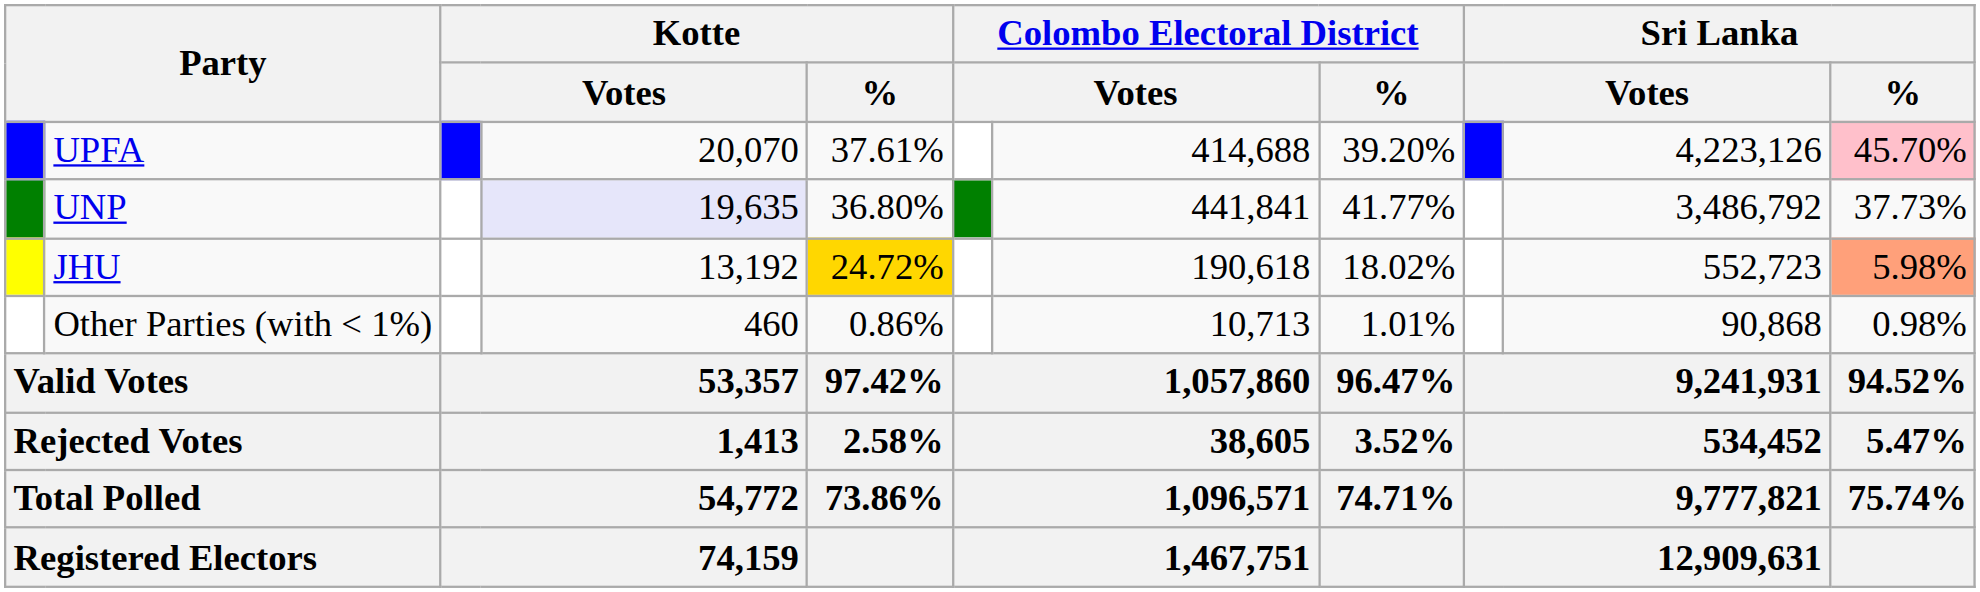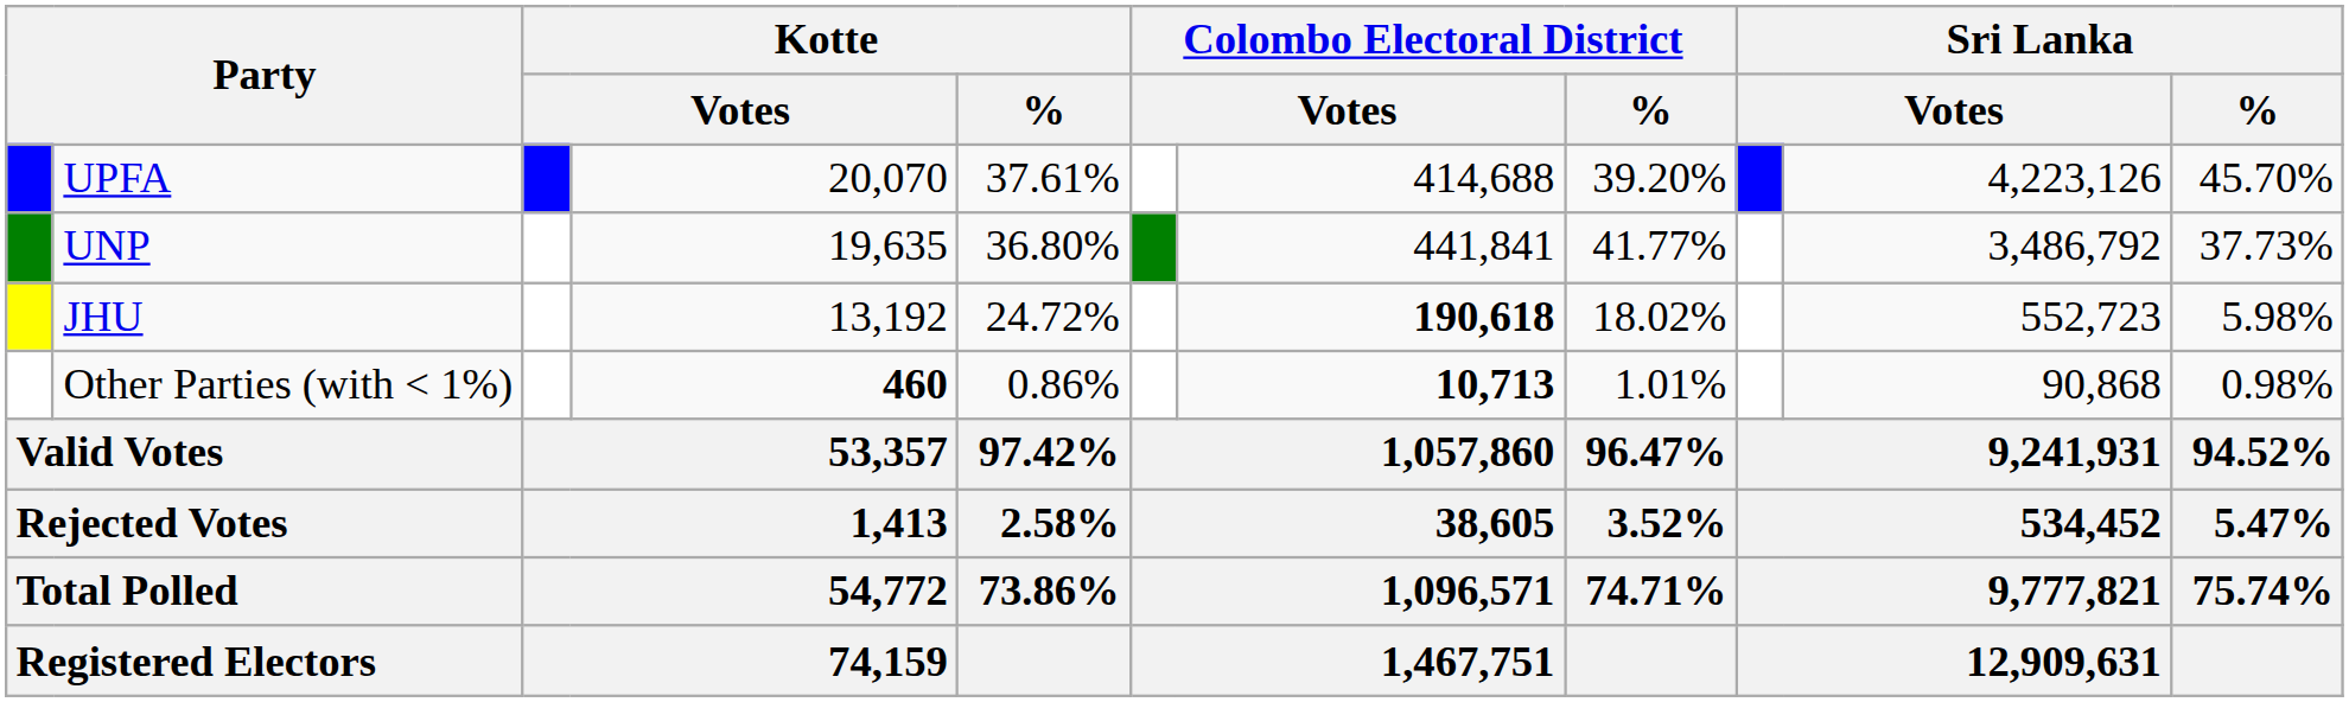 <table class="wikitable">
 <tr>
 <th colspan="2" width="144px"rowspan="2">Party</th>
 <th colspan="3" width="216px">Kotte</th>
 <th colspan="3" width="216px"><a href='#'>Colombo Electoral District</a></th>
 <th colspan="3" width="216px">Sri Lanka</th>
 </tr>
 <tr>
 <th colspan="2" width="144px">Votes</th>
 <th>%</th>
 <th colspan="2" width="144px">Votes</th>
 <th>%</th>
 <th colspan="2" width="144px">Votes</th>
 <th>%</th>
 </tr>
 <tr>
 <td style="background-color:blue;" width="10px"></td>
 <td style="text-align:left;"><a href='#'>UPFA</a></td>
 <td style="background-color:blue;" width="10px"></td>
 <td style="text-align:right;">20,070</td>
 <td style="text-align:right;">37.61%</td>
 <td style="background-color:white;" width="10px"></td>
 <td style="text-align:right;">414,688</td>
 <td style="text-align:right;">39.20%</td>
 <td style="background-color:blue;" width="10px"></td>
 <td style="text-align:right;">4,223,126</td>
-<td style="background: pink; text-align:right;">45.70%</td>
+<td style="text-align:right;">45.70%</td>
 </tr>
 <tr>
 <td style="background-color:green;" width="10px"></td>
 <td style="text-align:left;"><a href='#'>UNP</a></td>
 <td style="background-color:white;" width="10px"></td>
-<td style="background: lavender; text-align:right;">19,635</td>
+<td style="text-align:right;">19,635</td>
 <td style="text-align:right;">36.80%</td>
 <td style="background-color:green;" width="10px"></td>
 <td style="text-align:right;">441,841</td>
 <td style="text-align:right;">41.77%</td>
 <td style="background-color:white;" width="10px"></td>
 <td style="text-align:right;">3,486,792</td>
 <td style="text-align:right;">37.73%</td>
 </tr>
 <tr>
 <td style="background-color:yellow;" width="10px"></td>
 <td style="text-align:left;"><a href='#'>JHU</a></td>
 <td style="background-color:white;" width="10px"></td>
 <td style="text-align:right;">13,192</td>
-<td style="background: gold; text-align:right;">24.72%</td>
+<td style="text-align:right;">24.72%</td>
 <td style="background-color:white;" width="10px"></td>
-<td style="text-align:right;">190,618</td>
+<td style="text-align:right;"><strong>190,618</strong></td>
 <td style="text-align:right;">18.02%</td>
 <td style="background-color:white;" width="10px"></td>
 <td style="text-align:right;">552,723</td>
-<td style="background: lightsalmon; text-align:right;">5.98%</td>
+<td style="text-align:right;">5.98%</td>
 </tr>
 <tr>
 <td style="background-color:white;" width="10px"></td>
 <td style="text-align:left;">Other Parties (with < 1%)</td>
 <td style="background-color:white;" width="10px"></td>
-<td style="text-align:right;">460</td>
+<td style="text-align:right;"><strong>460</strong></td>
 <td style="text-align:right;">0.86%</td>
 <td style="background-color:white;" width="10px"></td>
-<td style="text-align:right;">10,713</td>
+<td style="text-align:right;"><strong>10,713</strong></td>
 <td style="text-align:right;">1.01%</td>
 <td style="background-color:white;" width="10px"></td>
 <td style="text-align:right;">90,868</td>
 <td style="text-align:right;">0.98%</td>
 </tr>
 <tr>
 <th colspan="2" width="144px"style="text-align:left;">Valid Votes</th>
 <th style="text-align:right;"colspan="2" width="144px">53,357</th>
 <th style="text-align:right;">97.42%</th>
 <th style="text-align:right;"colspan="2" width="144px">1,057,860</th>
 <th style="text-align:right;">96.47%</th>
 <th style="text-align:right;"colspan="2" width="144px">9,241,931</th>
 <th style="text-align:right;">94.52%</th>
 </tr>
 <tr>
 <th colspan="2" width="144px"style="text-align:left;">Rejected Votes</th>
 <th style="text-align:right;"colspan="2" width="144px">1,413</th>
 <th style="text-align:right;">2.58%</th>
 <th style="text-align:right;"colspan="2" width="144px">38,605</th>
 <th style="text-align:right;">3.52%</th>
 <th style="text-align:right;"colspan="2" width="144px">534,452</th>
 <th style="text-align:right;">5.47%</th>
 </tr>
 <tr>
 <th colspan="2" width="144px"style="text-align:left;">Total Polled</th>
 <th style="text-align:right;"colspan="2" width="144px">54,772</th>
 <th style="text-align:right;">73.86%</th>
 <th style="text-align:right;"colspan="2" width="144px">1,096,571</th>
 <th style="text-align:right;">74.71%</th>
 <th style="text-align:right;"colspan="2" width="144px">9,777,821</th>
 <th style="text-align:right;">75.74%</th>
 </tr>
 <tr>
 <th colspan="2" width="144px"style="text-align:left;">Registered Electors</th>
 <th style="text-align:right;"colspan="2" width="144px">74,159</th>
 <th></th>
 <th style="text-align:right;"colspan="2" width="144px">1,467,751</th>
 <th></th>
 <th style="text-align:right;"colspan="2" width="144px">12,909,631</th>
 <th></th>
 </tr>
 </table>
